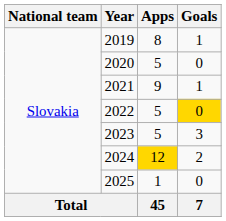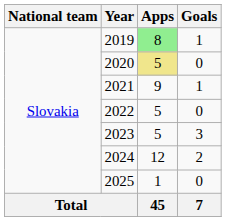 <table class="wikitable" style="text-align:center">
 <tr>
 <th>National team</th>
 <th>Year</th>
 <th>Apps</th>
 <th>Goals</th>
 </tr>
 <tr>
 <td rowspan="7"><a href='#'>Slovakia</a></td>
 <td>2019</td>
-<td>8</td>
+<td style="background: lightgreen;">8</td>
 <td>1</td>
 </tr>
 <tr>
 <td>2020</td>
-<td>5</td>
+<td style="background: khaki;">5</td>
 <td>0</td>
 </tr>
 <tr>
 <td>2021</td>
 <td>9</td>
 <td>1</td>
 </tr>
 <tr>
 <td>2022</td>
 <td>5</td>
-<td style="background: gold;">0</td>
+<td>0</td>
 </tr>
 <tr>
 <td>2023</td>
 <td>5</td>
 <td>3</td>
 </tr>
 <tr>
 <td>2024</td>
-<td style="background: gold;">12</td>
+<td>12</td>
 <td>2</td>
 </tr>
 <tr>
 <td>2025</td>
 <td>1</td>
 <td>0</td>
 </tr>
 <tr>
 <th colspan="2">Total</th>
 <th>45</th>
 <th>7</th>
 </tr>
 </table>
